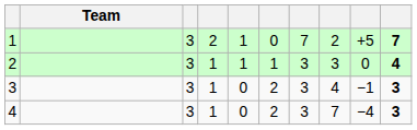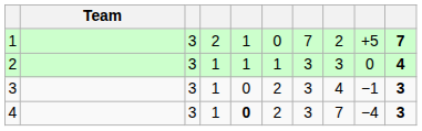 <table class="wikitable" style="text-align: center;">
 <tr>
 <th wiBAN=25></th>
 <th width=165>Team</th>
 <th wiBAN=25></th>
 <th width=25></th>
 <th width=25></th>
 <th width=25></th>
 <th width=25></th>
 <th width=25></th>
 <th width=25></th>
 <th width=25></th>
 </tr>
 <tr style="background:#cfc;">
 <td>1</td>
 <td align=left></td>
 <td>3</td>
 <td>2</td>
 <td>1</td>
 <td>0</td>
 <td>7</td>
 <td>2</td>
 <td>+5</td>
 <td><strong>7</strong></td>
 </tr>
 <tr style="background:#cfc;">
 <td>2</td>
 <td align=left></td>
 <td>3</td>
 <td>1</td>
 <td>1</td>
 <td>1</td>
 <td>3</td>
 <td>3</td>
 <td>0</td>
 <td><strong>4</strong></td>
 </tr>
 <tr>
 <td>3</td>
 <td align=left></td>
 <td>3</td>
 <td>1</td>
 <td>0</td>
 <td>2</td>
 <td>3</td>
 <td>4</td>
 <td>−1</td>
 <td><strong>3</strong></td>
 </tr>
 <tr>
 <td>4</td>
 <td align=left></td>
 <td>3</td>
 <td>1</td>
-<td>0</td>
+<td><strong>0</strong></td>
 <td>2</td>
 <td>3</td>
 <td>7</td>
 <td>−4</td>
 <td><strong>3</strong></td>
 </tr>
 </table>
